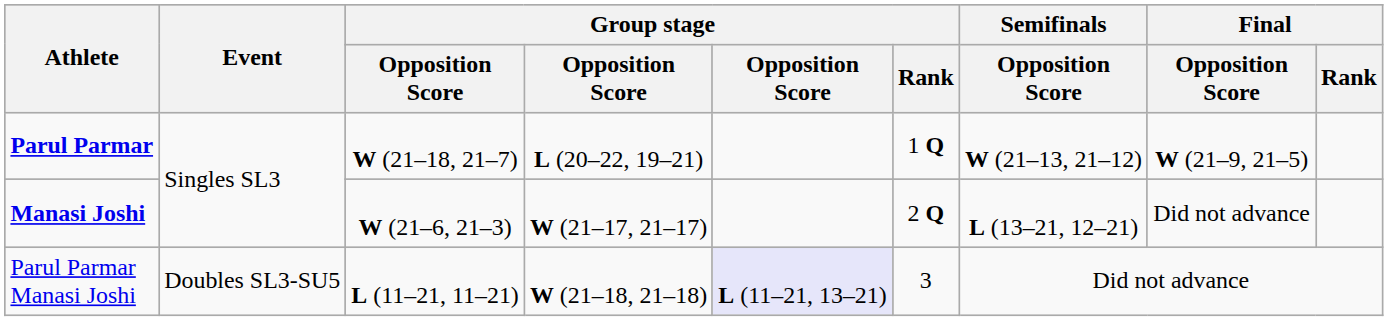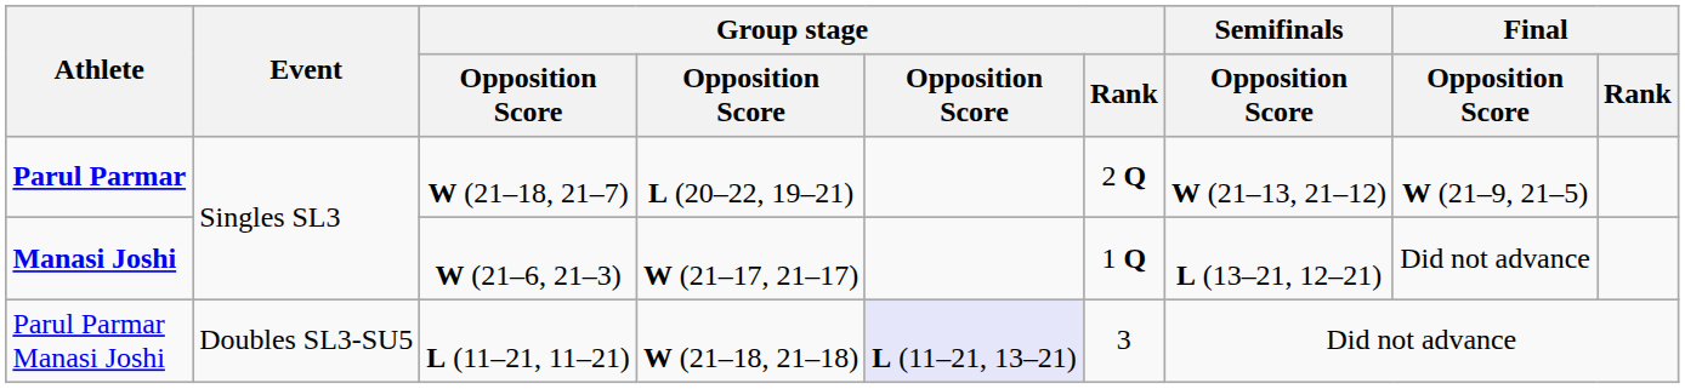 <table class="wikitable" style="text-align:center; font-size:90%">
 <tr>
 <th rowspan="2">Athlete</th>
 <th rowspan="2">Event</th>
 <th colspan="4">Group stage</th>
 <th>Semifinals</th>
 <th colspan="2">Final</th>
 </tr>
 <tr>
 <th>Opposition<br>Score</th>
 <th>Opposition<br>Score</th>
 <th>Opposition<br>Score</th>
 <th>Rank</th>
 <th>Opposition<br>Score</th>
 <th>Opposition<br>Score</th>
 <th>Rank</th>
 </tr>
 <tr>
 <td align="left"><strong><a href='#'>Parul Parmar</a></strong></td>
 <td align="left" rowspan=2>Singles SL3</td>
 <td><br><strong>W</strong> (21–18, 21–7)</td>
 <td><br><strong>L</strong> (20–22, 19–21)</td>
 <td></td>
-<td>1 <strong>Q</strong></td>
+<td>2 <strong>Q</strong></td>
 <td><br><strong>W</strong> (21–13, 21–12)</td>
 <td><br><strong>W</strong> (21–9, 21–5)</td>
 <td></td>
 </tr>
 <tr>
 <td align="left"><strong><a href='#'>Manasi Joshi</a></strong></td>
 <td><br><strong>W</strong> (21–6, 21–3)</td>
 <td><br><strong>W</strong> (21–17, 21–17)</td>
 <td></td>
-<td>2 <strong>Q</strong></td>
+<td>1 <strong>Q</strong></td>
 <td><br><strong>L</strong> (13–21, 12–21)</td>
 <td>Did not advance</td>
 <td></td>
 </tr>
 <tr>
 <td align="left"><a href='#'>Parul Parmar</a><br><a href='#'>Manasi Joshi</a></td>
 <td align="left">Doubles SL3-SU5</td>
 <td><br><strong>L</strong> (11–21, 11–21)</td>
 <td><br><strong>W</strong> (21–18, 21–18)</td>
 <td style="background: lavender;"><br><strong>L</strong> (11–21, 13–21)</td>
 <td>3</td>
 <td colspan=3>Did not advance</td>
 </tr>
 </table>
